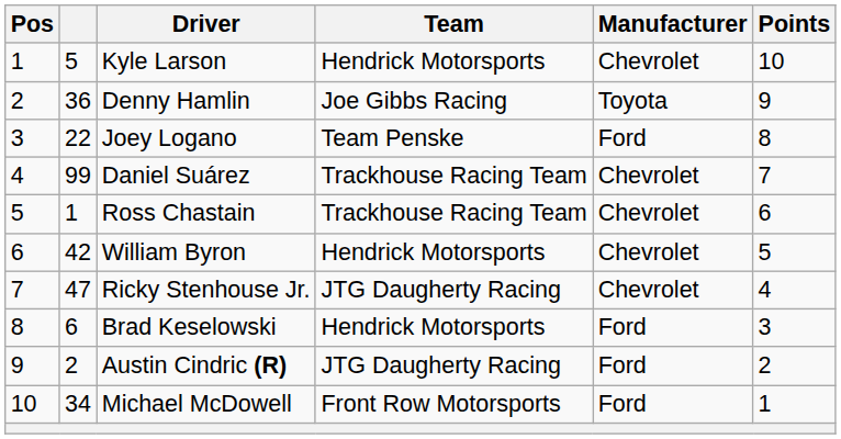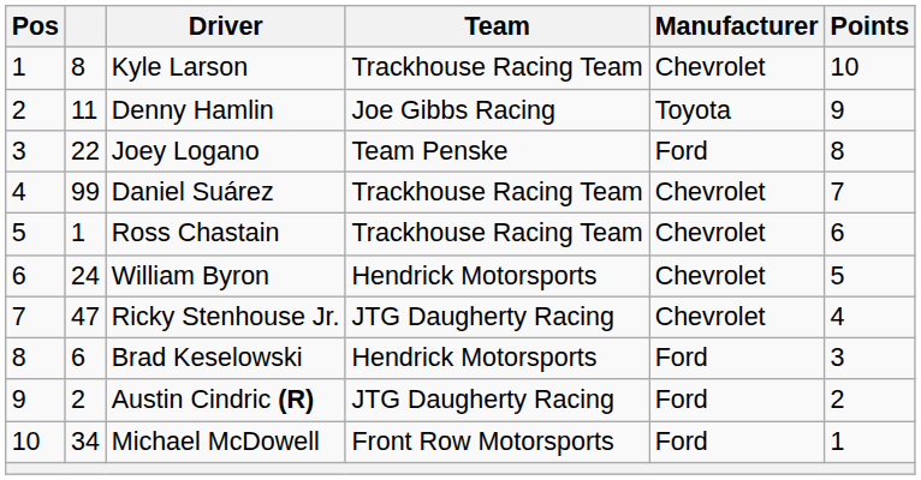 <table class="wikitable" style="font-size:98%">
 <tr>
 <th>Pos</th>
 <th></th>
 <th>Driver</th>
 <th>Team</th>
 <th>Manufacturer</th>
 <th>Points</th>
 </tr>
 <tr>
 <td>1</td>
-<td>5</td>
+<td>8</td>
 <td>Kyle Larson</td>
-<td>Hendrick Motorsports</td>
+<td>Trackhouse Racing Team</td>
 <td>Chevrolet</td>
 <td>10</td>
 </tr>
 <tr>
 <td>2</td>
-<td>36</td>
+<td>11</td>
 <td>Denny Hamlin</td>
 <td>Joe Gibbs Racing</td>
 <td>Toyota</td>
 <td>9</td>
 </tr>
 <tr>
 <td>3</td>
 <td>22</td>
 <td>Joey Logano</td>
 <td>Team Penske</td>
 <td>Ford</td>
 <td>8</td>
 </tr>
 <tr>
 <td>4</td>
 <td>99</td>
 <td>Daniel Suárez</td>
 <td>Trackhouse Racing Team</td>
 <td>Chevrolet</td>
 <td>7</td>
 </tr>
 <tr>
 <td>5</td>
 <td>1</td>
 <td>Ross Chastain</td>
 <td>Trackhouse Racing Team</td>
 <td>Chevrolet</td>
 <td>6</td>
 </tr>
 <tr>
 <td>6</td>
-<td>42</td>
+<td>24</td>
 <td>William Byron</td>
 <td>Hendrick Motorsports</td>
 <td>Chevrolet</td>
 <td>5</td>
 </tr>
 <tr>
 <td>7</td>
 <td>47</td>
 <td>Ricky Stenhouse Jr.</td>
 <td>JTG Daugherty Racing</td>
 <td>Chevrolet</td>
 <td>4</td>
 </tr>
 <tr>
 <td>8</td>
 <td>6</td>
 <td>Brad Keselowski</td>
 <td>Hendrick Motorsports</td>
 <td>Ford</td>
 <td>3</td>
 </tr>
 <tr>
 <td>9</td>
 <td>2</td>
 <td>Austin Cindric <strong>(R)</strong></td>
 <td>JTG Daugherty Racing</td>
 <td>Ford</td>
 <td>2</td>
 </tr>
 <tr>
 <td>10</td>
 <td>34</td>
 <td>Michael McDowell</td>
 <td>Front Row Motorsports</td>
 <td>Ford</td>
 <td>1</td>
 </tr>
 <tr>
 <th colspan="6"></th>
 </tr>
 </table>
